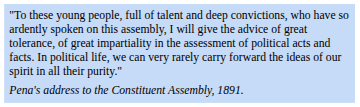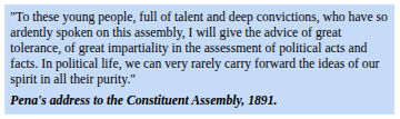 <table class="toccolours" style="float: right; margin-left: 1em; margin-right: 0em; font-size: 85%; background:#c6dbf7; color:black; width:30em; max-width: 40%;" cellspacing="5">
 <tr>
 <td style="text-align: left;">"To these young people, full of talent and deep convictions, who have so ardently spoken on this assembly, I will give the advice of great tolerance, of great impartiality in the assessment of political acts and facts. In political life, we can very rarely carry forward the ideas of our spirit in all their purity."</td>
 </tr>
 <tr>
-<td style="text-align: left;"><em>Pena's address to the Constituent Assembly, 1891.</em></td>
+<td style="text-align: left;"><strong><em>Pena's address to the Constituent Assembly, 1891.</em></strong></td>
 </tr>
 </table>
